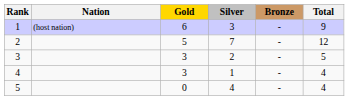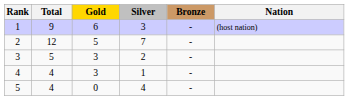 <table class="wikitable sortable plainrowheaders" style="text-align:center;max-width: 15cm; width: 100%">
 <tr>
 <th scope="col" style="width:4%">Rank</th>
-<th scope="col">Nation</th>
+<th scope="col" style="width:12%;">Total</th>
 <th scope="col" style="background-color:gold; width:14%;">Gold</th>
 <th scope="col" style="background-color:silver; width:14%;">Silver</th>
 <th scope="col" style="background-color:#cc9966; width:14%;">Bronze</th>
-<th scope="col" style="width:12%;">Total</th>
+<th scope="col">Nation</th>
 </tr>
 <tr style="background:#ccccff">
 <td>1</td>
-<td align=left> <small>(host nation)</small></td>
+<td>9</td>
 <td>6</td>
 <td>3</td>
 <td>-</td>
-<td>9</td>
+<td align=left> <small>(host nation)</small></td>
 </tr>
 <tr>
 <td>2</td>
-<td align=left></td>
+<td>12</td>
 <td>5</td>
 <td>7</td>
 <td>-</td>
-<td>12</td>
+<td align=left></td>
 </tr>
 <tr>
 <td>3</td>
-<td align=left></td>
+<td>5</td>
 <td>3</td>
 <td>2</td>
 <td>-</td>
-<td>5</td>
+<td align=left></td>
 </tr>
 <tr>
 <td>4</td>
-<td align=left></td>
+<td>4</td>
 <td>3</td>
 <td>1</td>
 <td>-</td>
-<td>4</td>
+<td align=left></td>
 </tr>
 <tr>
 <td>5</td>
-<td align=left></td>
+<td>4</td>
 <td>0</td>
 <td>4</td>
 <td>-</td>
-<td>4</td>
+<td align=left></td>
 </tr>
 </table>
